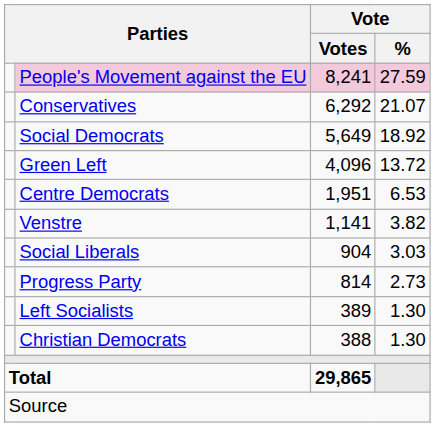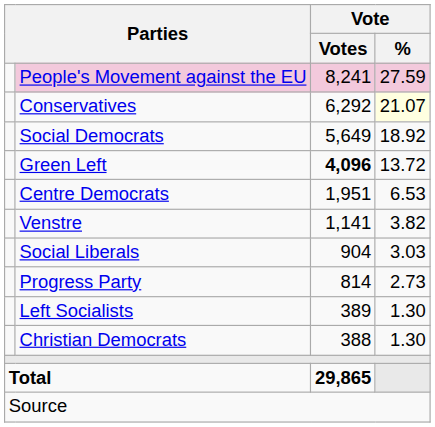 <table class="wikitable" style="text-align:right;">
 <tr>
 <th style="text-align:centre;" rowspan="2" colspan="2" width="225">Parties</th>
 <th colspan="3">Vote</th>
 </tr>
 <tr>
 <th width="15">Votes</th>
 <th width="15">%</th>
 </tr>
 <tr>
 <td width="2" style="color:inherit;background:"></td>
 <td bgcolor=#f3c9dc   align="left"><a href='#'>People's Movement against the EU</a></td>
 <td bgcolor=#f3c9dc>8,241</td>
 <td bgcolor=#f3c9dc>27.59</td>
 </tr>
 <tr>
 <td width="2" style="color:inherit;background:"></td>
 <td align="left"><a href='#'>Conservatives</a></td>
 <td>6,292</td>
-<td>21.07</td>
+<td style="background: lightyellow;">21.07</td>
 </tr>
 <tr>
 <td width="2" style="color:inherit;background:"></td>
 <td align="left"><a href='#'>Social Democrats</a></td>
 <td>5,649</td>
 <td>18.92</td>
 </tr>
 <tr>
 <td width="2" style="color:inherit;background:"></td>
 <td align="left"><a href='#'>Green Left</a></td>
-<td>4,096</td>
+<td><strong>4,096</strong></td>
 <td>13.72</td>
 </tr>
 <tr>
 <td width="2" style="color:inherit;background:"></td>
 <td align="left"><a href='#'>Centre Democrats</a></td>
 <td>1,951</td>
 <td>6.53</td>
 </tr>
 <tr>
 <td width="2" style="color:inherit;background:"></td>
 <td align="left"><a href='#'>Venstre</a></td>
 <td>1,141</td>
 <td>3.82</td>
 </tr>
 <tr>
 <td width="2" style="color:inherit;background:"></td>
 <td align="left"><a href='#'>Social Liberals</a></td>
 <td>904</td>
 <td>3.03</td>
 </tr>
 <tr>
 <td width="2" style="color:inherit;background:"></td>
 <td align="left"><a href='#'>Progress Party</a></td>
 <td>814</td>
 <td>2.73</td>
 </tr>
 <tr>
 <td width="2" style="color:inherit;background:"></td>
 <td align="left"><a href='#'>Left Socialists</a></td>
 <td>389</td>
 <td>1.30</td>
 </tr>
 <tr>
 <td width="2" style="color:inherit;background:"></td>
 <td align="left"><a href='#'>Christian Democrats</a></td>
 <td>388</td>
 <td>1.30</td>
 </tr>
 <tr>
 <td colspan="7" bgcolor="#E9E9E9"></td>
 </tr>
 <tr>
 <td align="left" colspan="2"><strong>Total</strong></td>
 <td><strong>29,865</strong></td>
 <td bgcolor="#E9E9E9" colspan="2"></td>
 </tr>
 <tr>
 <td align="left" colspan="6">Source</td>
 </tr>
 </table>
